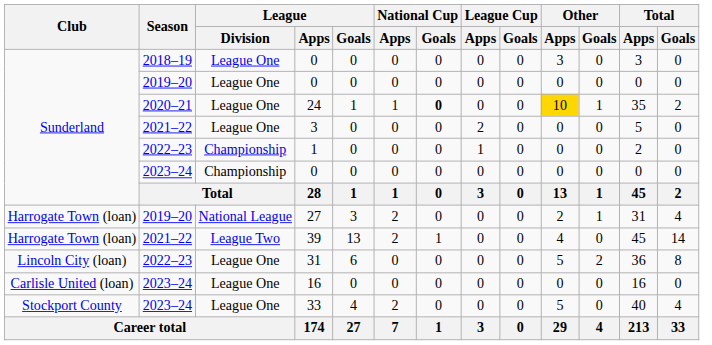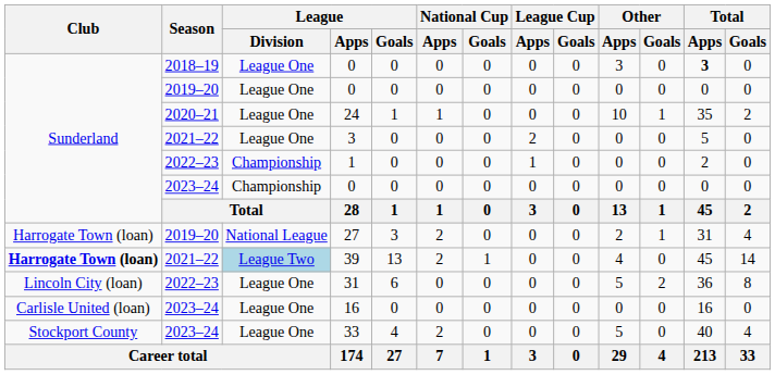 <table class="wikitable" style="text-align:center">
 <tr>
 <th rowspan="2">Club</th>
 <th rowspan="2">Season</th>
 <th colspan="3">League</th>
 <th colspan="2">National Cup</th>
 <th colspan="2">League Cup</th>
 <th colspan="2">Other</th>
 <th colspan="2">Total</th>
 </tr>
 <tr>
 <th>Division</th>
 <th>Apps</th>
 <th>Goals</th>
 <th>Apps</th>
 <th>Goals</th>
 <th>Apps</th>
 <th>Goals</th>
 <th>Apps</th>
 <th>Goals</th>
 <th>Apps</th>
 <th>Goals</th>
 </tr>
 <tr>
 <td rowspan="7"><a href='#'>Sunderland</a></td>
 <td><a href='#'>2018–19</a></td>
 <td><a href='#'>League One</a></td>
 <td>0</td>
 <td>0</td>
 <td>0</td>
 <td>0</td>
 <td>0</td>
 <td>0</td>
 <td>3</td>
 <td>0</td>
-<td>3</td>
+<td><strong>3</strong></td>
 <td>0</td>
 </tr>
 <tr>
 <td><a href='#'>2019–20</a></td>
 <td>League One</td>
 <td>0</td>
 <td>0</td>
 <td>0</td>
 <td>0</td>
 <td>0</td>
 <td>0</td>
 <td>0</td>
 <td>0</td>
 <td>0</td>
 <td>0</td>
 </tr>
 <tr>
 <td><a href='#'>2020–21</a></td>
 <td>League One</td>
 <td>24</td>
 <td>1</td>
 <td>1</td>
-<td><strong>0</strong></td>
 <td>0</td>
 <td>0</td>
-<td style="background: gold;">10</td>
+<td>0</td>
+<td>10</td>
 <td>1</td>
 <td>35</td>
 <td>2</td>
 </tr>
 <tr>
 <td><a href='#'>2021–22</a></td>
 <td>League One</td>
 <td>3</td>
 <td>0</td>
 <td>0</td>
 <td>0</td>
 <td>2</td>
 <td>0</td>
 <td>0</td>
 <td>0</td>
 <td>5</td>
 <td>0</td>
 </tr>
 <tr>
 <td><a href='#'>2022–23</a></td>
 <td><a href='#'>Championship</a></td>
 <td>1</td>
 <td>0</td>
 <td>0</td>
 <td>0</td>
 <td>1</td>
 <td>0</td>
 <td>0</td>
 <td>0</td>
 <td>2</td>
 <td>0</td>
 </tr>
 <tr>
 <td><a href='#'>2023–24</a></td>
 <td>Championship</td>
 <td>0</td>
 <td>0</td>
 <td>0</td>
 <td>0</td>
 <td>0</td>
 <td>0</td>
 <td>0</td>
 <td>0</td>
 <td>0</td>
 <td>0</td>
 </tr>
 <tr>
 <th colspan="2">Total</th>
 <th>28</th>
 <th>1</th>
 <th>1</th>
 <th>0</th>
 <th>3</th>
 <th>0</th>
 <th>13</th>
 <th>1</th>
 <th>45</th>
 <th>2</th>
 </tr>
 <tr>
 <td><a href='#'>Harrogate Town</a> (loan)</td>
 <td><a href='#'>2019–20</a></td>
 <td><a href='#'>National League</a></td>
 <td>27</td>
 <td>3</td>
 <td>2</td>
 <td>0</td>
 <td>0</td>
 <td>0</td>
 <td>2</td>
 <td>1</td>
 <td>31</td>
 <td>4</td>
 </tr>
 <tr>
-<td><a href='#'>Harrogate Town</a> (loan)</td>
+<td><strong><a href='#'>Harrogate Town</a> (loan)</strong></td>
 <td><a href='#'>2021–22</a></td>
-<td><a href='#'>League Two</a></td>
+<td style="background: lightblue;"><a href='#'>League Two</a></td>
 <td>39</td>
 <td>13</td>
 <td>2</td>
 <td>1</td>
 <td>0</td>
 <td>0</td>
 <td>4</td>
 <td>0</td>
 <td>45</td>
 <td>14</td>
 </tr>
 <tr>
 <td><a href='#'>Lincoln City</a> (loan)</td>
 <td><a href='#'>2022–23</a></td>
 <td>League One</td>
 <td>31</td>
 <td>6</td>
 <td>0</td>
 <td>0</td>
 <td>0</td>
 <td>0</td>
 <td>5</td>
 <td>2</td>
 <td>36</td>
 <td>8</td>
 </tr>
 <tr>
 <td><a href='#'>Carlisle United</a> (loan)</td>
 <td><a href='#'>2023–24</a></td>
 <td>League One</td>
 <td>16</td>
 <td>0</td>
 <td>0</td>
 <td>0</td>
 <td>0</td>
 <td>0</td>
 <td>0</td>
 <td>0</td>
 <td>16</td>
 <td>0</td>
 </tr>
 <tr>
 <td><a href='#'>Stockport County</a></td>
 <td><a href='#'>2023–24</a></td>
 <td>League One</td>
 <td>33</td>
 <td>4</td>
 <td>2</td>
 <td>0</td>
 <td>0</td>
 <td>0</td>
 <td>5</td>
 <td>0</td>
 <td>40</td>
 <td>4</td>
 </tr>
 <tr>
 <th colspan="3">Career total</th>
 <th>174</th>
 <th>27</th>
 <th>7</th>
 <th>1</th>
 <th>3</th>
 <th>0</th>
 <th>29</th>
 <th>4</th>
 <th>213</th>
 <th>33</th>
 </tr>
 </table>
